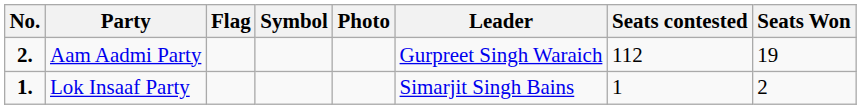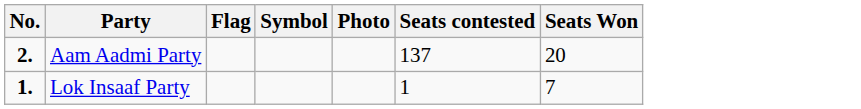 <table class="wikitable">
 <tr>
 <th>No.</th>
 <th>Party</th>
 <th>Flag</th>
 <th>Symbol</th>
 <th>Photo</th>
-<th>Leader</th>
 <th>Seats contested</th>
 <th>Seats Won</th>
 </tr>
 <tr>
 <td style="text-align:center; background:"><strong>2.</strong></td>
 <td><a href='#'>Aam Aadmi Party</a></td>
 <td></td>
 <td></td>
 <td></td>
-<td><a href='#'>Gurpreet Singh Waraich</a></td>
-<td>112</td>
-<td>19</td>
+<td>137</td>
+<td>20</td>
 </tr>
 <tr>
 <td style="text-align:center; background:"><strong>1.</strong></td>
 <td><a href='#'>Lok Insaaf Party</a></td>
 <td></td>
 <td></td>
 <td></td>
-<td><a href='#'>Simarjit Singh Bains</a></td>
 <td>1</td>
-<td>2</td>
+<td>7</td>
 </tr>
 </table>
